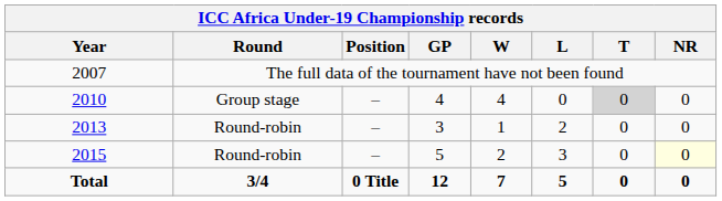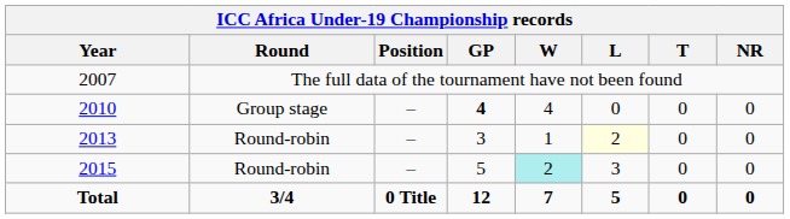 <table class="wikitable" style="text-align: center; width=900px;">
 <tr>
 <th colspan=9><a href='#'>ICC Africa Under-19 Championship</a> records</th>
 </tr>
 <tr>
 <th width=150>Year</th>
 <th width=150>Round</th>
 <th width=50>Position</th>
 <th width=50>GP</th>
 <th width=50>W</th>
 <th width=50>L</th>
 <th width=50>T</th>
 <th width=50>NR</th>
 </tr>
 <tr>
 <td> 2007</td>
 <td colspan=8>The full data of the tournament have not been found</td>
 </tr>
 <tr>
 <td> <a href='#'>2010</a></td>
 <td>Group stage</td>
 <td>–</td>
-<td>4</td>
+<td><strong>4</strong></td>
 <td>4</td>
 <td>0</td>
-<td style="background: lightgrey;">0</td>
+<td>0</td>
 <td>0</td>
 </tr>
 <tr>
 <td> <a href='#'>2013</a></td>
 <td>Round-robin</td>
 <td>–</td>
 <td>3</td>
 <td>1</td>
-<td>2</td>
+<td style="background: lightyellow;">2</td>
 <td>0</td>
 <td>0</td>
 </tr>
 <tr>
 <td> <a href='#'>2015</a></td>
 <td>Round-robin</td>
 <td>–</td>
 <td>5</td>
-<td>2</td>
+<td style="background: paleturquoise;">2</td>
 <td>3</td>
 <td>0</td>
-<td style="background: lightyellow;">0</td>
+<td>0</td>
 </tr>
 <tr>
 <td><strong>Total</strong></td>
 <td><strong>3/4</strong></td>
 <td><strong>0 Title</strong></td>
 <td><strong>12</strong></td>
 <td><strong>7</strong></td>
 <td><strong>5</strong></td>
 <td><strong>0</strong></td>
 <td><strong>0</strong></td>
 </tr>
 </table>
